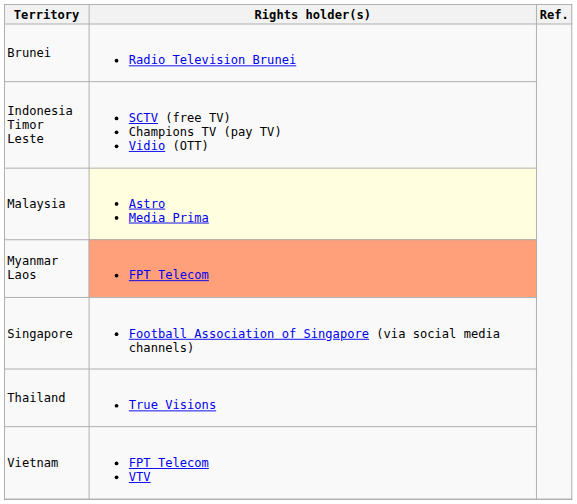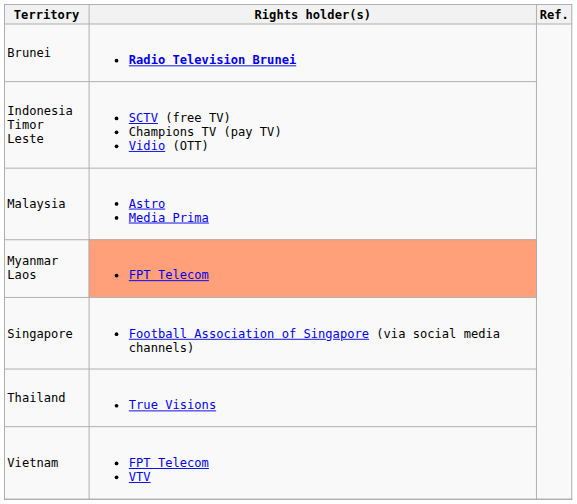 <table class="wikitable">
 <tr>
 <th>Territory</th>
 <th>Rights holder(s)</th>
 <th>Ref.</th>
 </tr>
 <tr>
 <td>Brunei</td>
-<td><br><ul><li><a href='#'>Radio Television Brunei</a></li></ul></td>
+<td><strong><br><ul><li><a href='#'>Radio Television Brunei</a></li></ul></strong></td>
 <td rowspan=7></td>
 </tr>
 <tr>
 <td>Indonesia<br>Timor Leste</td>
 <td><br><ul><li><a href='#'>SCTV</a> (free TV)</li><li>Champions TV (pay TV)</li><li><a href='#'>Vidio</a> (OTT)</li></ul></td>
 </tr>
 <tr>
 <td>Malaysia</td>
-<td style="background: lightyellow;"><br><ul><li><a href='#'>Astro</a></li><li><a href='#'>Media Prima</a></li></ul></td>
+<td><br><ul><li><a href='#'>Astro</a></li><li><a href='#'>Media Prima</a></li></ul></td>
 </tr>
 <tr>
 <td>Myanmar<br>Laos</td>
 <td style="background: lightsalmon;"><br><ul><li><a href='#'>FPT Telecom</a></li></ul></td>
 </tr>
 <tr>
 <td>Singapore</td>
 <td><br><ul><li><a href='#'>Football Association of Singapore</a> (via social media channels)</li></ul></td>
 </tr>
 <tr>
 <td>Thailand</td>
 <td><br><ul><li><a href='#'>True Visions</a></li></ul></td>
 </tr>
 <tr>
 <td>Vietnam</td>
 <td><br><ul><li><a href='#'>FPT Telecom</a></li><li><a href='#'>VTV</a></li></ul></td>
 </tr>
 <tr>
 </tr>
 </table>
